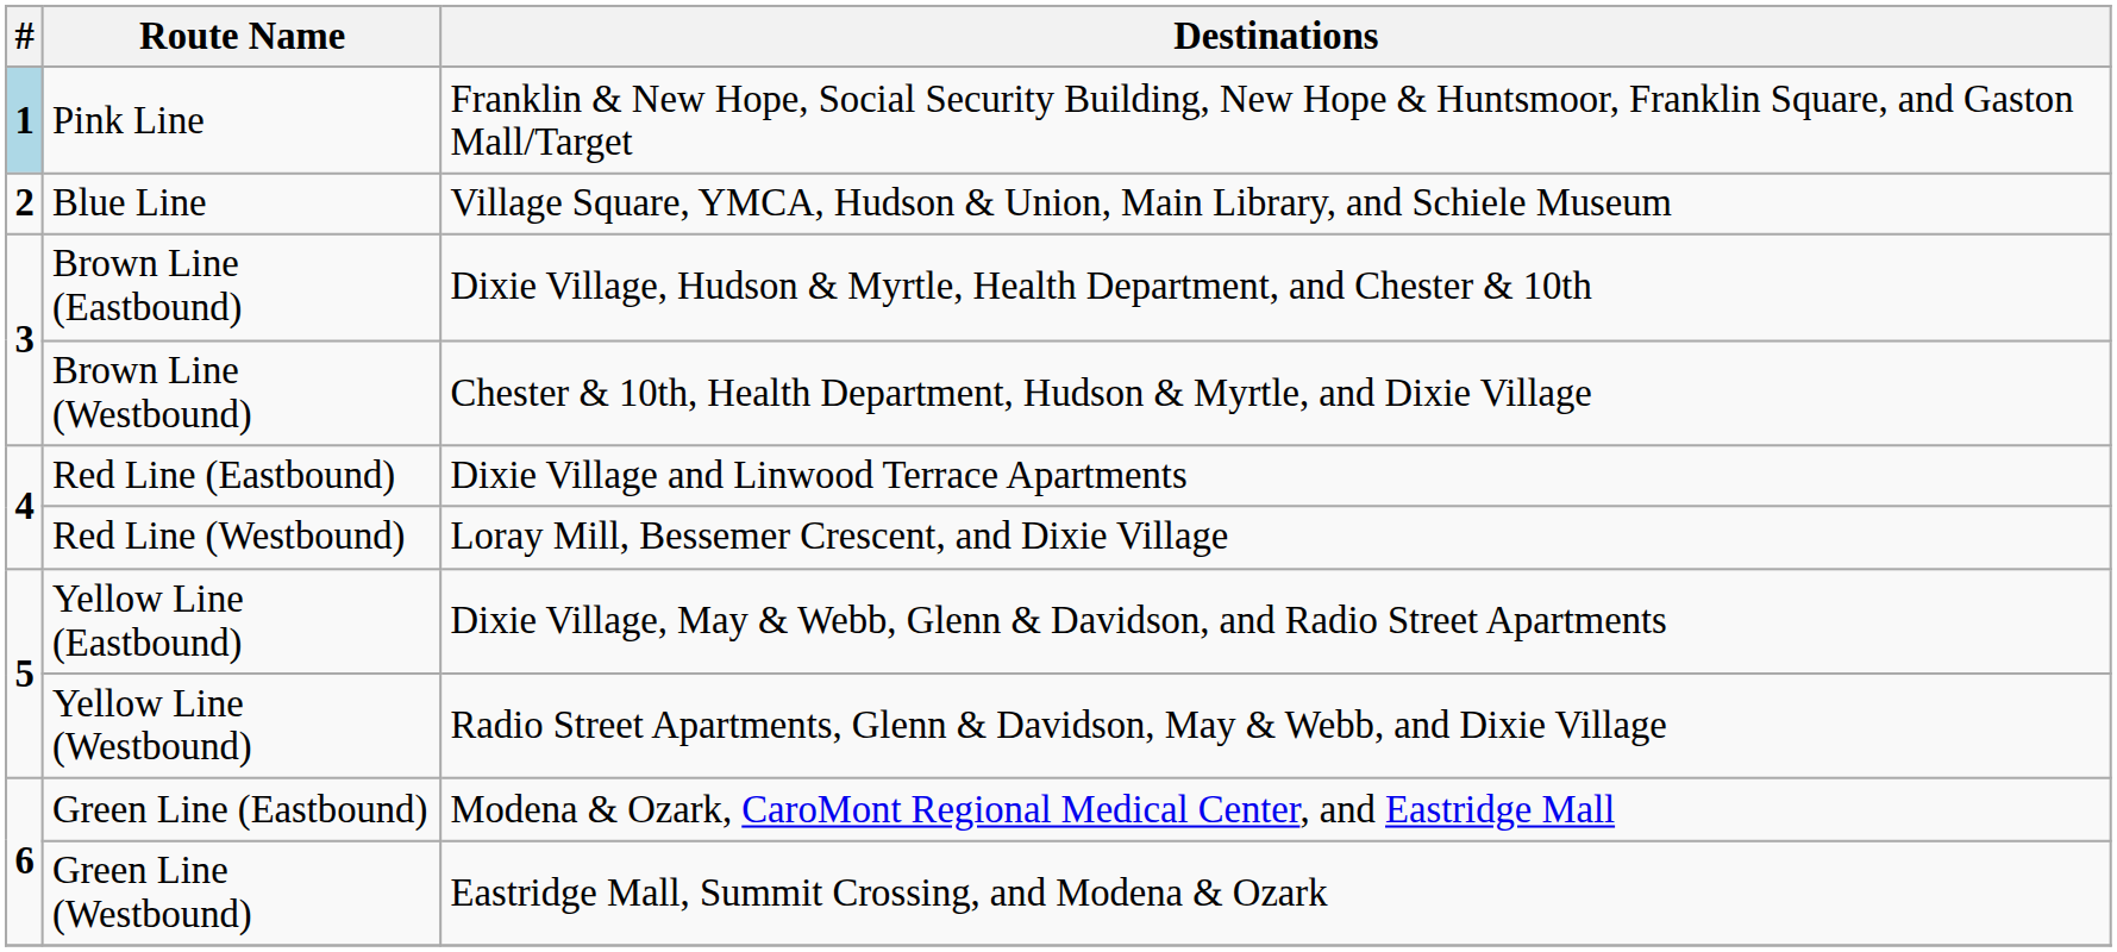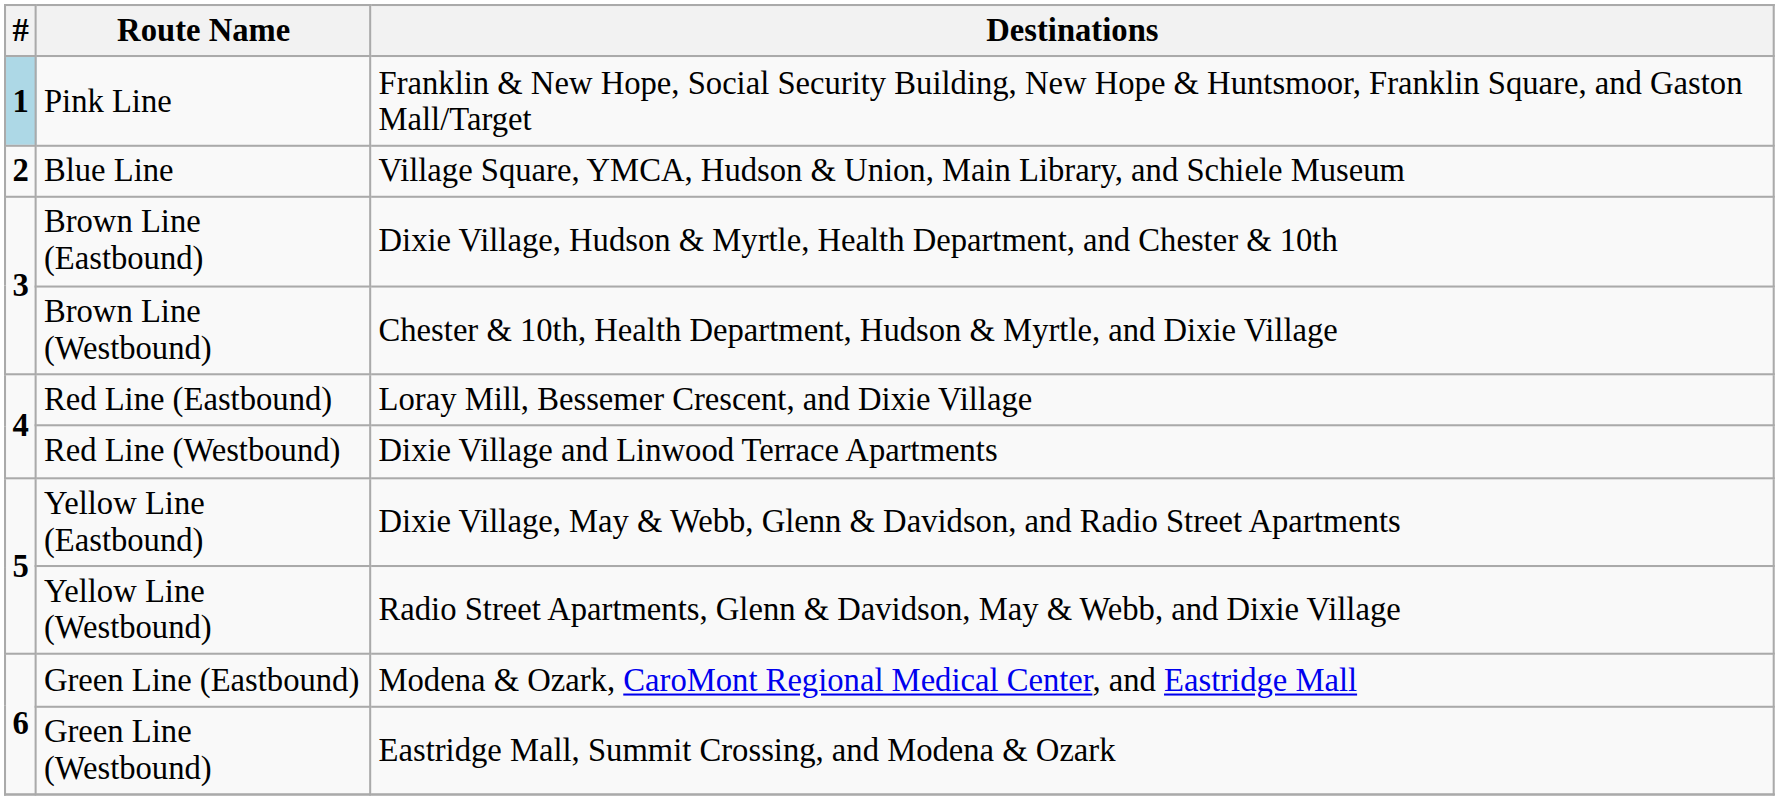 <table class="wikitable">
 <tr>
 <th>#</th>
 <th>Route Name</th>
 <th>Destinations</th>
 </tr>
 <tr>
 <td style="background: lightblue;"><strong>1</strong></td>
 <td>Pink Line</td>
 <td>Franklin & New Hope, Social Security Building, New Hope & Huntsmoor, Franklin Square, and Gaston Mall/Target</td>
 </tr>
 <tr>
 <td><strong>2</strong></td>
 <td>Blue Line</td>
 <td>Village Square, YMCA, Hudson & Union, Main Library, and Schiele Museum</td>
 </tr>
 <tr>
 <td rowspan=2><strong>3</strong></td>
 <td>Brown Line (Eastbound)</td>
 <td>Dixie Village, Hudson & Myrtle, Health Department, and Chester & 10th</td>
 </tr>
 <tr>
 <td>Brown Line (Westbound)</td>
 <td>Chester & 10th, Health Department, Hudson & Myrtle, and Dixie Village</td>
 </tr>
 <tr>
 <td rowspan=2><strong>4</strong></td>
 <td>Red Line (Eastbound)</td>
-<td>Dixie Village and Linwood Terrace Apartments</td>
+<td>Loray Mill, Bessemer Crescent, and Dixie Village</td>
 </tr>
 <tr>
 <td>Red Line (Westbound)</td>
-<td>Loray Mill, Bessemer Crescent, and Dixie Village</td>
+<td>Dixie Village and Linwood Terrace Apartments</td>
 </tr>
 <tr>
 <td rowspan=2><strong>5</strong></td>
 <td>Yellow Line (Eastbound)</td>
 <td>Dixie Village, May & Webb, Glenn & Davidson, and Radio Street Apartments</td>
 </tr>
 <tr>
 <td>Yellow Line (Westbound)</td>
 <td>Radio Street Apartments, Glenn & Davidson, May & Webb, and Dixie Village</td>
 </tr>
 <tr>
 <td rowspan=2><strong>6</strong></td>
 <td>Green Line (Eastbound)</td>
 <td>Modena & Ozark, <a href='#'>CaroMont Regional Medical Center</a>, and <a href='#'>Eastridge Mall</a></td>
 </tr>
 <tr>
 <td>Green Line (Westbound)</td>
 <td>Eastridge Mall, Summit Crossing, and Modena & Ozark</td>
 </tr>
 <tr>
 </tr>
 </table>
